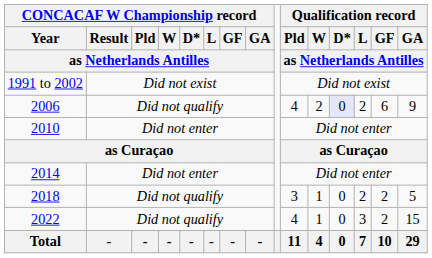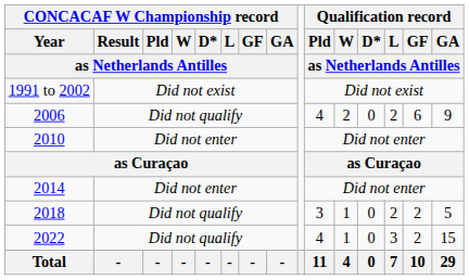 <table class="wikitable" style="text-align: center;">
 <tr>
 <th colspan=8><a href='#'>CONCACAF W Championship</a> record</th>
 <td rowspan=10></td>
 <th colspan=6>Qualification record</th>
 </tr>
 <tr>
 <th>Year</th>
 <th>Result</th>
 <th>Pld</th>
 <th>W</th>
 <th>D*</th>
 <th>L</th>
 <th>GF</th>
 <th>GA</th>
 <th>Pld</th>
 <th>W</th>
 <th>D*</th>
 <th>L</th>
 <th>GF</th>
 <th>GA</th>
 </tr>
 <tr>
 <th colspan=8>as  <a href='#'>Netherlands Antilles</a></th>
 <th colspan=6>as  <a href='#'>Netherlands Antilles</a></th>
 </tr>
 <tr>
 <td> <a href='#'>1991</a> to  <a href='#'>2002</a></td>
 <td colspan=7><em>Did not exist</em></td>
 <td colspan=6><em>Did not exist</em></td>
 </tr>
 <tr>
 <td> <a href='#'>2006</a></td>
 <td colspan=7><em>Did not qualify</em></td>
 <td>4</td>
 <td>2</td>
-<td style="background: lavender;">0</td>
+<td>0</td>
 <td>2</td>
 <td>6</td>
 <td>9</td>
 </tr>
 <tr>
 <td> <a href='#'>2010</a></td>
 <td colspan=7><em>Did not enter</em></td>
 <td colspan=6><em>Did not enter</em></td>
 </tr>
 <tr>
 <th colspan=8>as  Curaçao</th>
 <th colspan=6>as  Curaçao</th>
 </tr>
 <tr>
 <td> <a href='#'>2014</a></td>
 <td colspan=7><em>Did not enter</em></td>
 <td colspan=6><em>Did not enter</em></td>
 </tr>
 <tr>
 <td> <a href='#'>2018</a></td>
 <td colspan=7><em>Did not qualify</em></td>
 <td>3</td>
 <td>1</td>
 <td>0</td>
 <td>2</td>
 <td>2</td>
 <td>5</td>
 </tr>
 <tr>
 <td> <a href='#'>2022</a></td>
 <td colspan=7><em>Did not qualify</em></td>
 <td>4</td>
 <td>1</td>
 <td>0</td>
 <td>3</td>
 <td>2</td>
 <td>15</td>
 </tr>
 <tr>
 <th>Total</th>
 <th>-</th>
 <th>-</th>
 <th>-</th>
 <th>-</th>
 <th>-</th>
 <th>-</th>
 <th>-</th>
 <th></th>
 <th>11</th>
 <th>4</th>
 <th>0</th>
 <th>7</th>
 <th>10</th>
 <th>29</th>
 </tr>
 </table>
